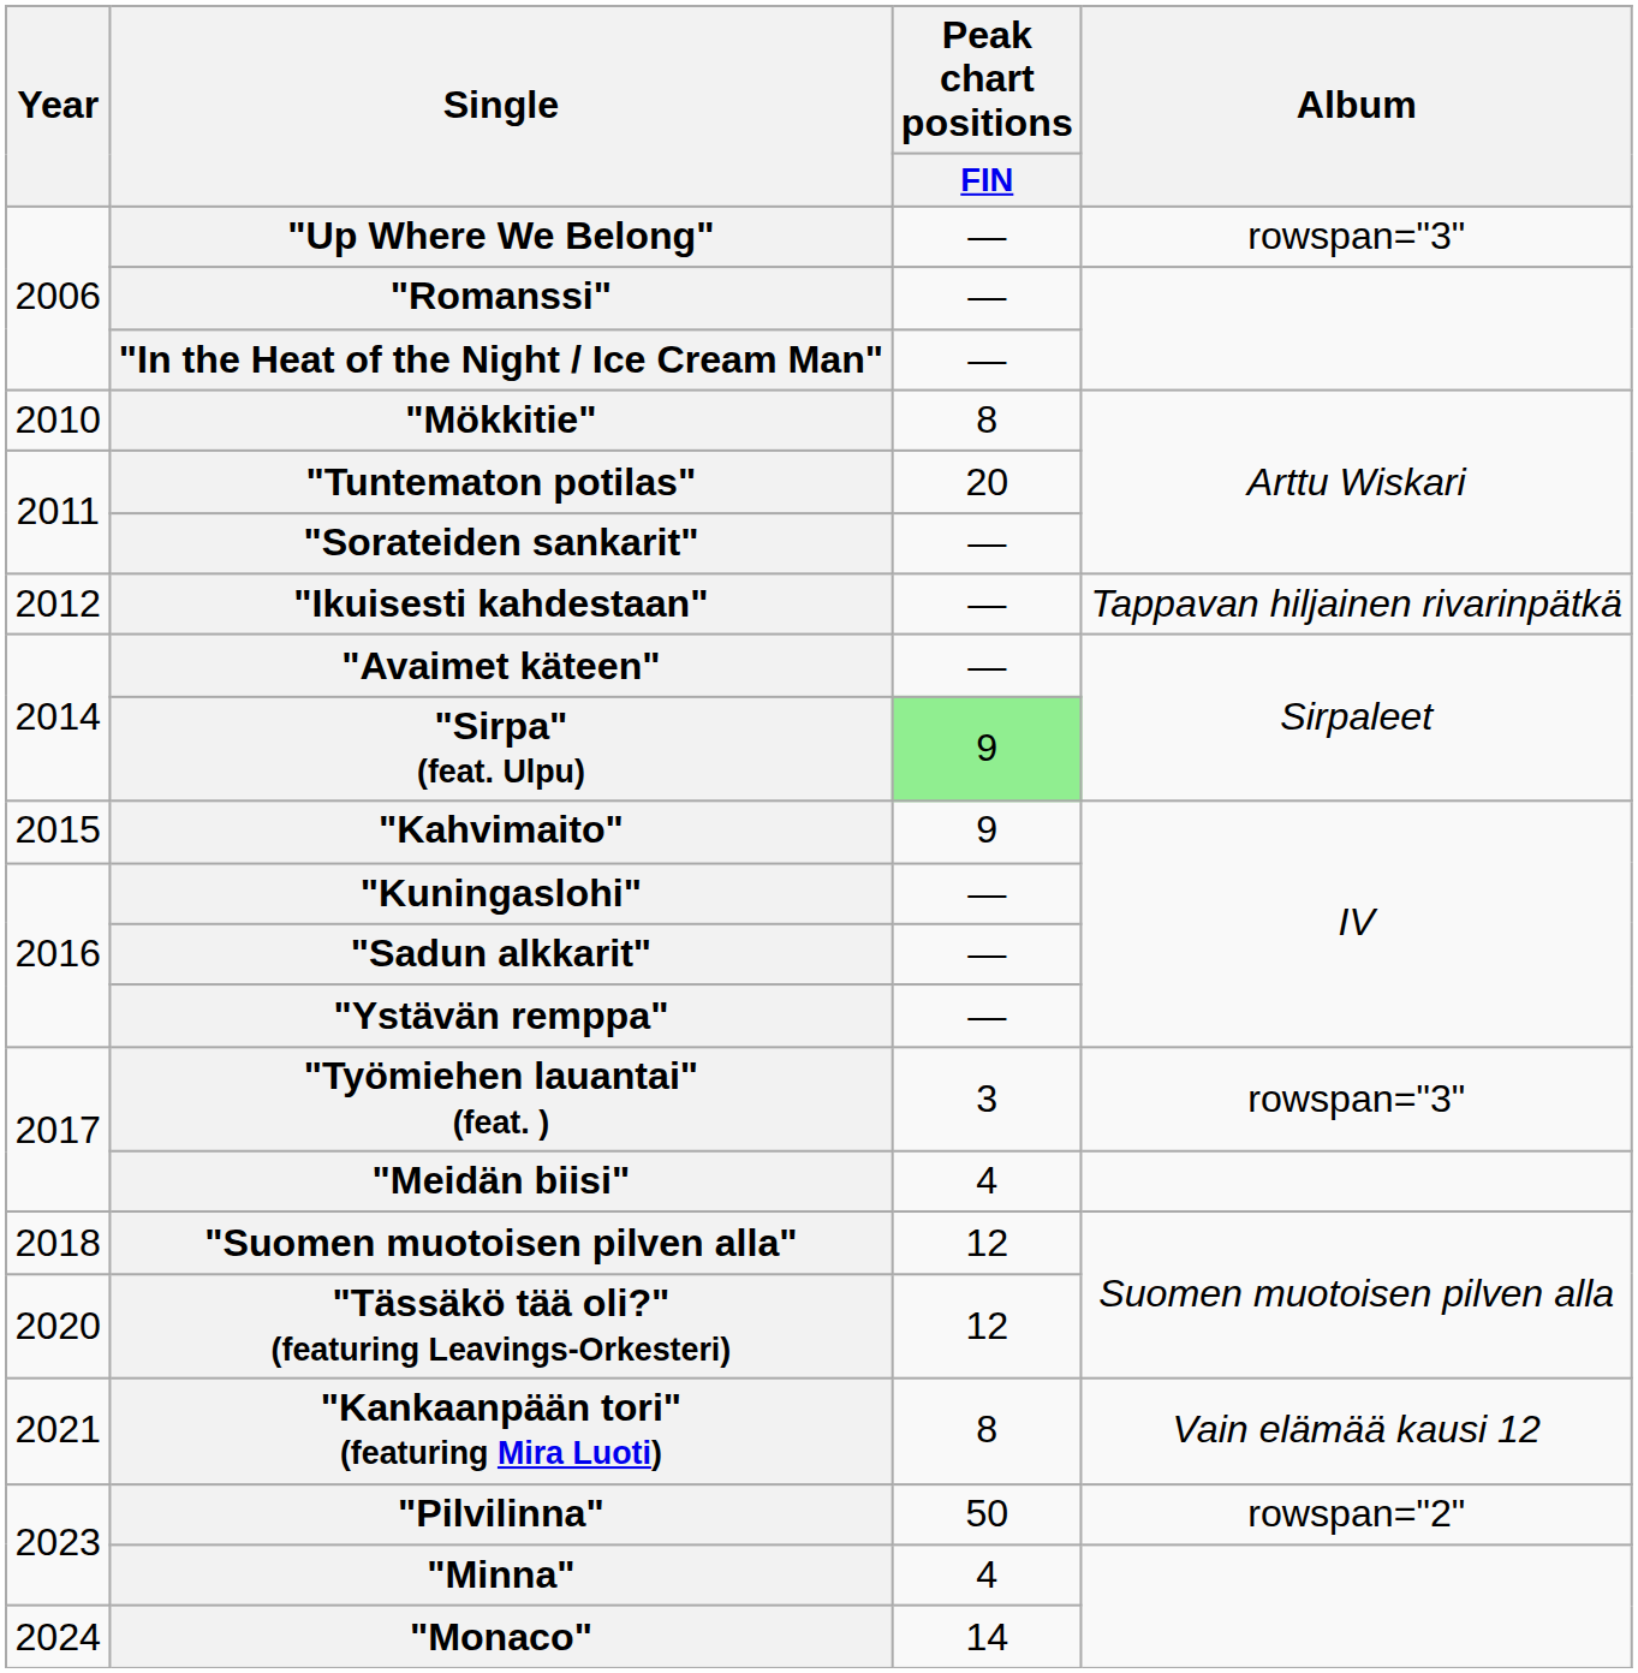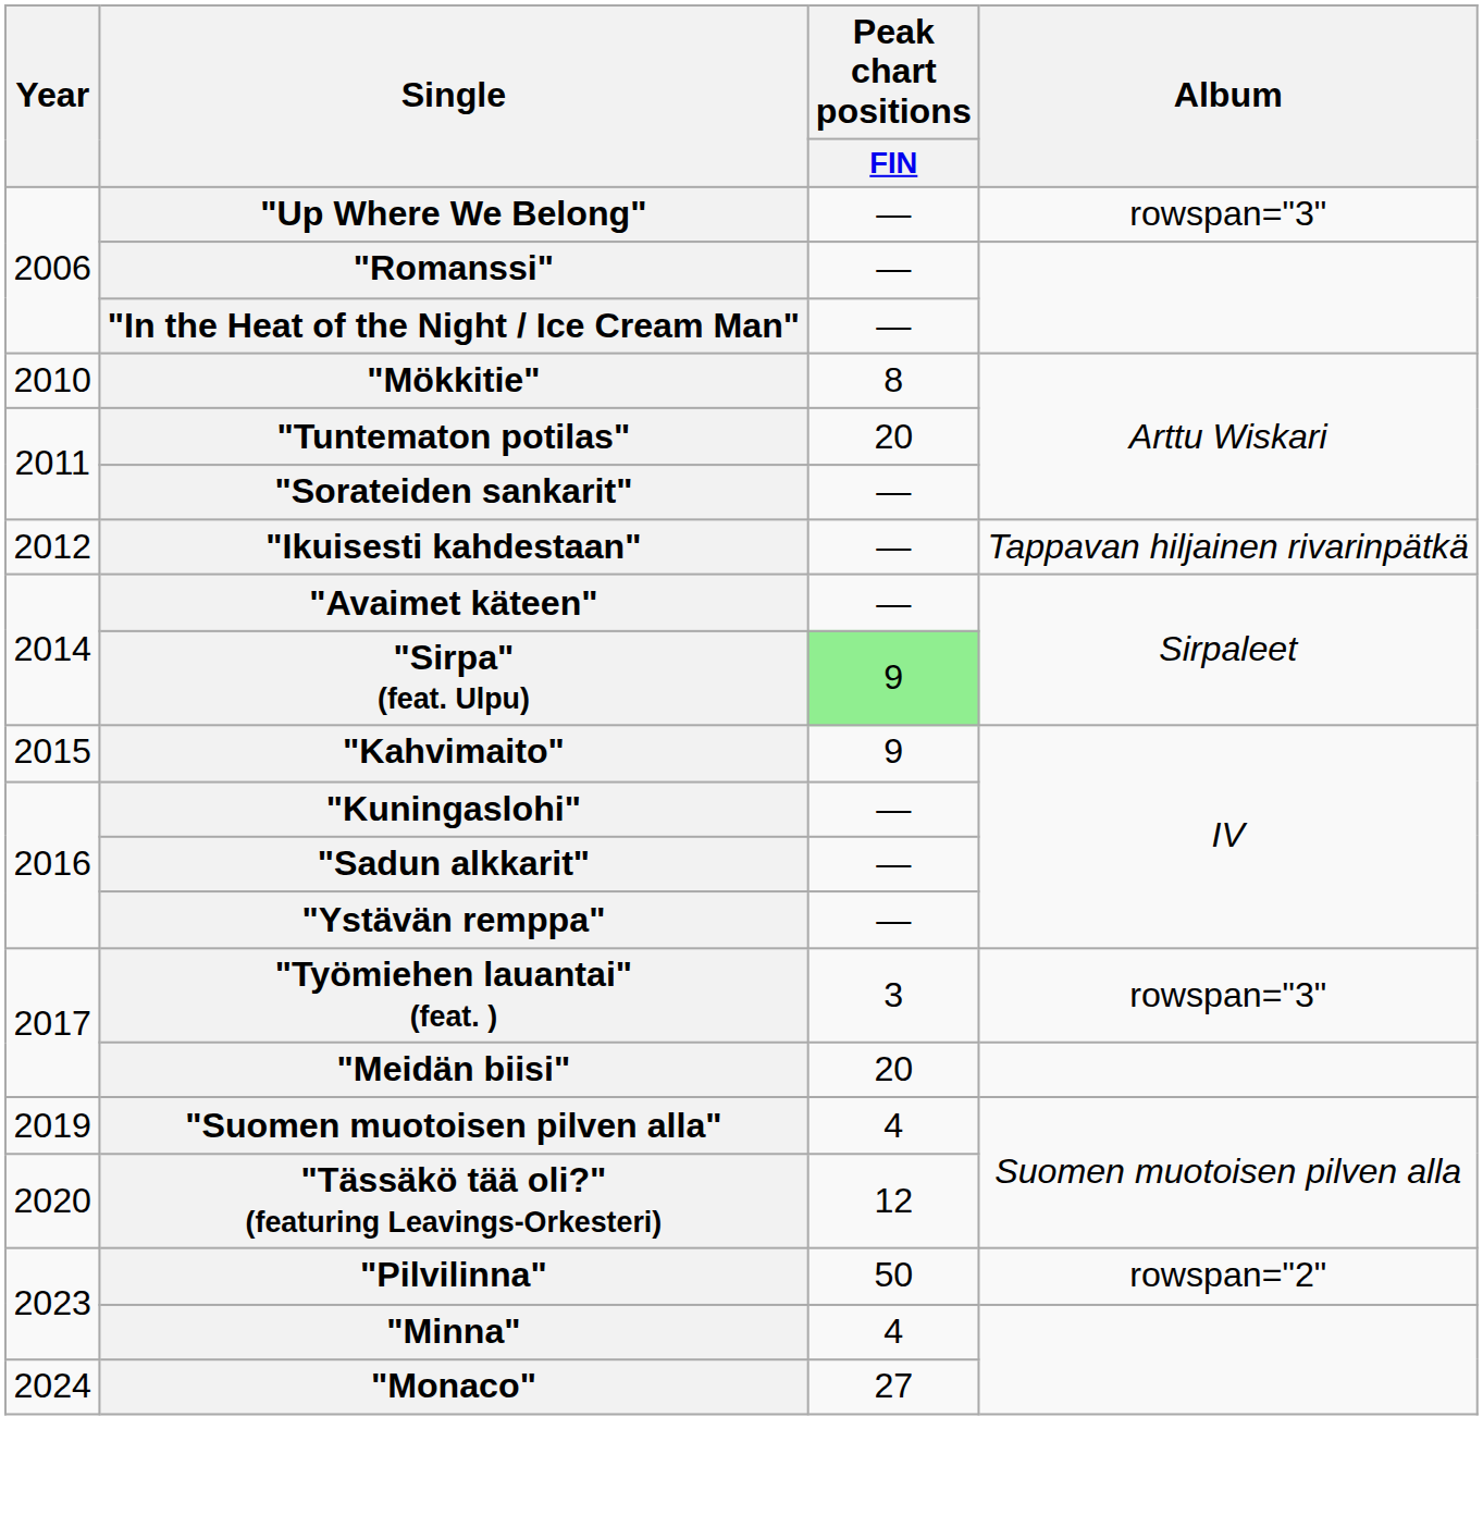 <table class="wikitable plainrowheaders" style="text-align:center;">
 <tr>
 <th scope="col" rowspan="2">Year</th>
 <th scope="col" rowspan="2">Single</th>
 <th scope="col" colspan="1">Peak chart positions</th>
 <th scope="col" rowspan="2">Album</th>
 </tr>
 <tr>
 <th scope="col" style="width:3em;font-size:85%;"><a href='#'>FIN</a><br></th>
 </tr>
 <tr>
 <td rowspan="3">2006</td>
 <th scope="row">"Up Where We Belong"</th>
 <td>—</td>
 <td>rowspan="3" </td>
 </tr>
 <tr>
 <th scope="row">"Romanssi"</th>
 <td>—</td>
 </tr>
 <tr>
 <th scope="row">"In the Heat of the Night / Ice Cream Man"</th>
 <td>—</td>
 </tr>
 <tr>
 <td>2010</td>
 <th scope="row">"Mökkitie"</th>
 <td>8<br></td>
 <td rowspan="3"><em>Arttu Wiskari</em></td>
 </tr>
 <tr>
 <td rowspan="2">2011</td>
 <th scope="row">"Tuntematon potilas"</th>
 <td>20<br></td>
 </tr>
 <tr>
 <th scope="row">"Sorateiden sankarit"</th>
 <td>—</td>
 </tr>
 <tr>
 <td>2012</td>
 <th scope="row">"Ikuisesti kahdestaan"</th>
 <td>—</td>
 <td><em>Tappavan hiljainen rivarinpätkä</em></td>
 </tr>
 <tr>
 <td rowspan="2">2014</td>
 <th scope="row">"Avaimet käteen"</th>
 <td>—</td>
 <td rowspan="2"><em>Sirpaleet</em></td>
 </tr>
 <tr>
 <th scope="row">"Sirpa" <br><small>(feat. Ulpu)</small></th>
 <td style="background: lightgreen;">9<br></td>
 </tr>
 <tr>
 <td>2015</td>
 <th scope="row">"Kahvimaito"</th>
 <td>9<br></td>
 <td rowspan="4"><em>IV</em></td>
 </tr>
 <tr>
 <td rowspan="3">2016</td>
 <th scope="row">"Kuningaslohi"</th>
 <td>—</td>
 </tr>
 <tr>
 <th scope="row">"Sadun alkkarit"</th>
 <td>—</td>
 </tr>
 <tr>
 <th scope="row">"Ystävän remppa"</th>
 <td>—</td>
 </tr>
 <tr>
 <td rowspan="2">2017</td>
 <th scope="row">"Työmiehen lauantai" <br><small>(feat. )</small></th>
 <td>3</td>
 <td>rowspan="3" </td>
 </tr>
 <tr>
 <th scope="row">"Meidän biisi"</th>
-<td>4</td>
+<td>20<br></td>
 </tr>
 <tr>
-<td>2018</td>
+<td>2019</td>
 <th scope="row">"Suomen muotoisen pilven alla"</th>
-<td>12</td>
+<td>4</td>
 <td rowspan="2"><em>Suomen muotoisen pilven alla</em></td>
 </tr>
 <tr>
 <td>2020</td>
 <th scope="row">"Tässäkö tää oli?" <br><small>(featuring Leavings-Orkesteri)</small></th>
 <td>12</td>
-</tr>
-<tr>
-<td>2021</td>
-<th scope="row">"Kankaanpään tori" <br><small>(featuring <a href='#'>Mira Luoti</a>)</small></th>
-<td>8<br></td>
-<td><em>Vain elämää kausi 12</em></td>
 </tr>
 <tr>
 <td rowspan="2">2023</td>
 <th scope="row">"Pilvilinna"</th>
 <td>50<br></td>
 <td>rowspan="2" </td>
 </tr>
 <tr>
 <th scope="row">"Minna"</th>
 <td>4</td>
 </tr>
 <tr>
 <td>2024</td>
 <th scope="row">"Monaco"</th>
-<td>14</td>
+<td>27<br></td>
 </tr>
 </table>
